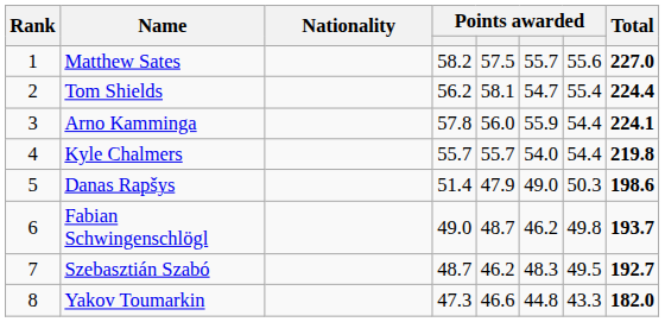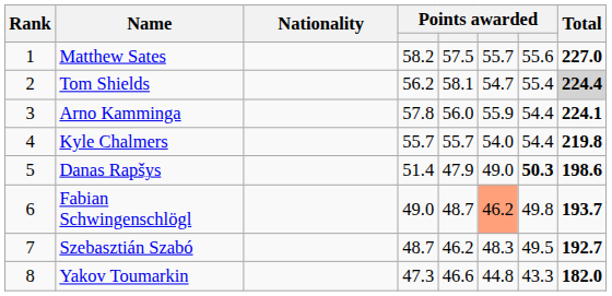 <table class="wikitable" style="text-align:center;">
 <tr>
 <th rowspan=2>Rank</th>
 <th rowspan=2 width=160>Name</th>
 <th rowspan=2 width=130>Nationality</th>
 <th colspan=4>Points awarded</th>
 <th rowspan=2>Total</th>
 </tr>
 <tr>
 <th></th>
 <th></th>
 <th></th>
 <th></th>
 </tr>
 <tr>
 <td>1</td>
 <td align=left><a href='#'>Matthew Sates</a></td>
 <td align=left></td>
 <td>58.2</td>
 <td>57.5</td>
 <td>55.7</td>
 <td>55.6</td>
 <td><strong>227.0</strong></td>
 </tr>
 <tr>
 <td>2</td>
 <td align=left><a href='#'>Tom Shields</a></td>
 <td align=left></td>
 <td>56.2</td>
 <td>58.1</td>
 <td>54.7</td>
 <td>55.4</td>
-<td><strong>224.4</strong></td>
+<td style="background: lightgrey;"><strong>224.4</strong></td>
 </tr>
 <tr>
 <td>3</td>
 <td align=left><a href='#'>Arno Kamminga</a></td>
 <td align=left></td>
 <td>57.8</td>
 <td>56.0</td>
 <td>55.9</td>
 <td>54.4</td>
 <td><strong>224.1</strong></td>
 </tr>
 <tr>
 <td>4</td>
 <td align=left><a href='#'>Kyle Chalmers</a></td>
 <td align=left></td>
 <td>55.7</td>
 <td>55.7</td>
 <td>54.0</td>
 <td>54.4</td>
 <td><strong>219.8</strong></td>
 </tr>
 <tr>
 <td>5</td>
 <td align=left><a href='#'>Danas Rapšys</a></td>
 <td align=left></td>
 <td>51.4</td>
 <td>47.9</td>
 <td>49.0</td>
-<td>50.3</td>
+<td><strong>50.3</strong></td>
 <td><strong>198.6</strong></td>
 </tr>
 <tr>
 <td>6</td>
 <td align=left><a href='#'>Fabian Schwingenschlögl</a></td>
 <td align=left></td>
 <td>49.0</td>
 <td>48.7</td>
-<td>46.2</td>
+<td style="background: lightsalmon;">46.2</td>
 <td>49.8</td>
 <td><strong>193.7</strong></td>
 </tr>
 <tr>
 <td>7</td>
 <td align=left><a href='#'>Szebasztián Szabó</a></td>
 <td align=left></td>
 <td>48.7</td>
 <td>46.2</td>
 <td>48.3</td>
 <td>49.5</td>
 <td><strong>192.7</strong></td>
 </tr>
 <tr>
 <td>8</td>
 <td align=left><a href='#'>Yakov Toumarkin</a></td>
 <td align=left></td>
 <td>47.3</td>
 <td>46.6</td>
 <td>44.8</td>
 <td>43.3</td>
 <td><strong>182.0</strong></td>
 </tr>
 </table>
